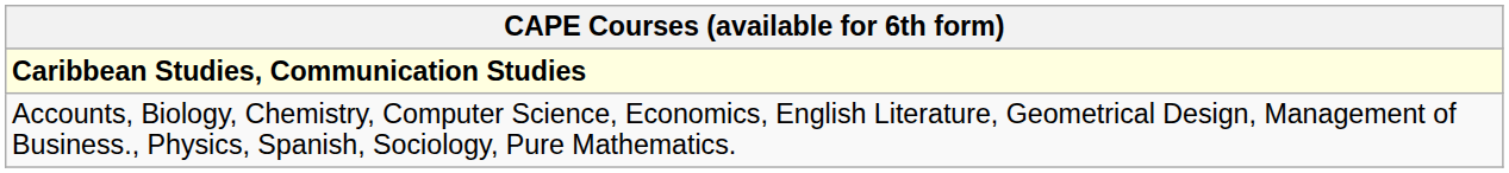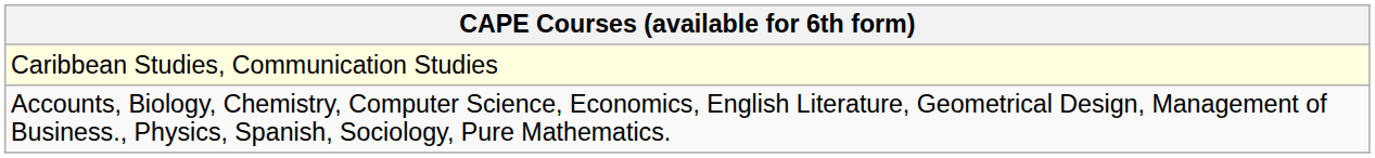 <table class="wikitable collapsible">
 <tr>
 <th colspan="4">CAPE Courses (available for 6th form)</th>
 </tr>
 <tr>
-<td style="background:lightyellow;"><strong>Caribbean Studies, Communication Studies</strong></td>
+<td style="background:lightyellow;">Caribbean Studies, Communication Studies</td>
 </tr>
 <tr>
 <td>Accounts, Biology, Chemistry, Computer Science, Economics, English Literature, Geometrical Design, Management of Business., Physics, Spanish, Sociology, Pure Mathematics.</td>
 </tr>
 </table>
